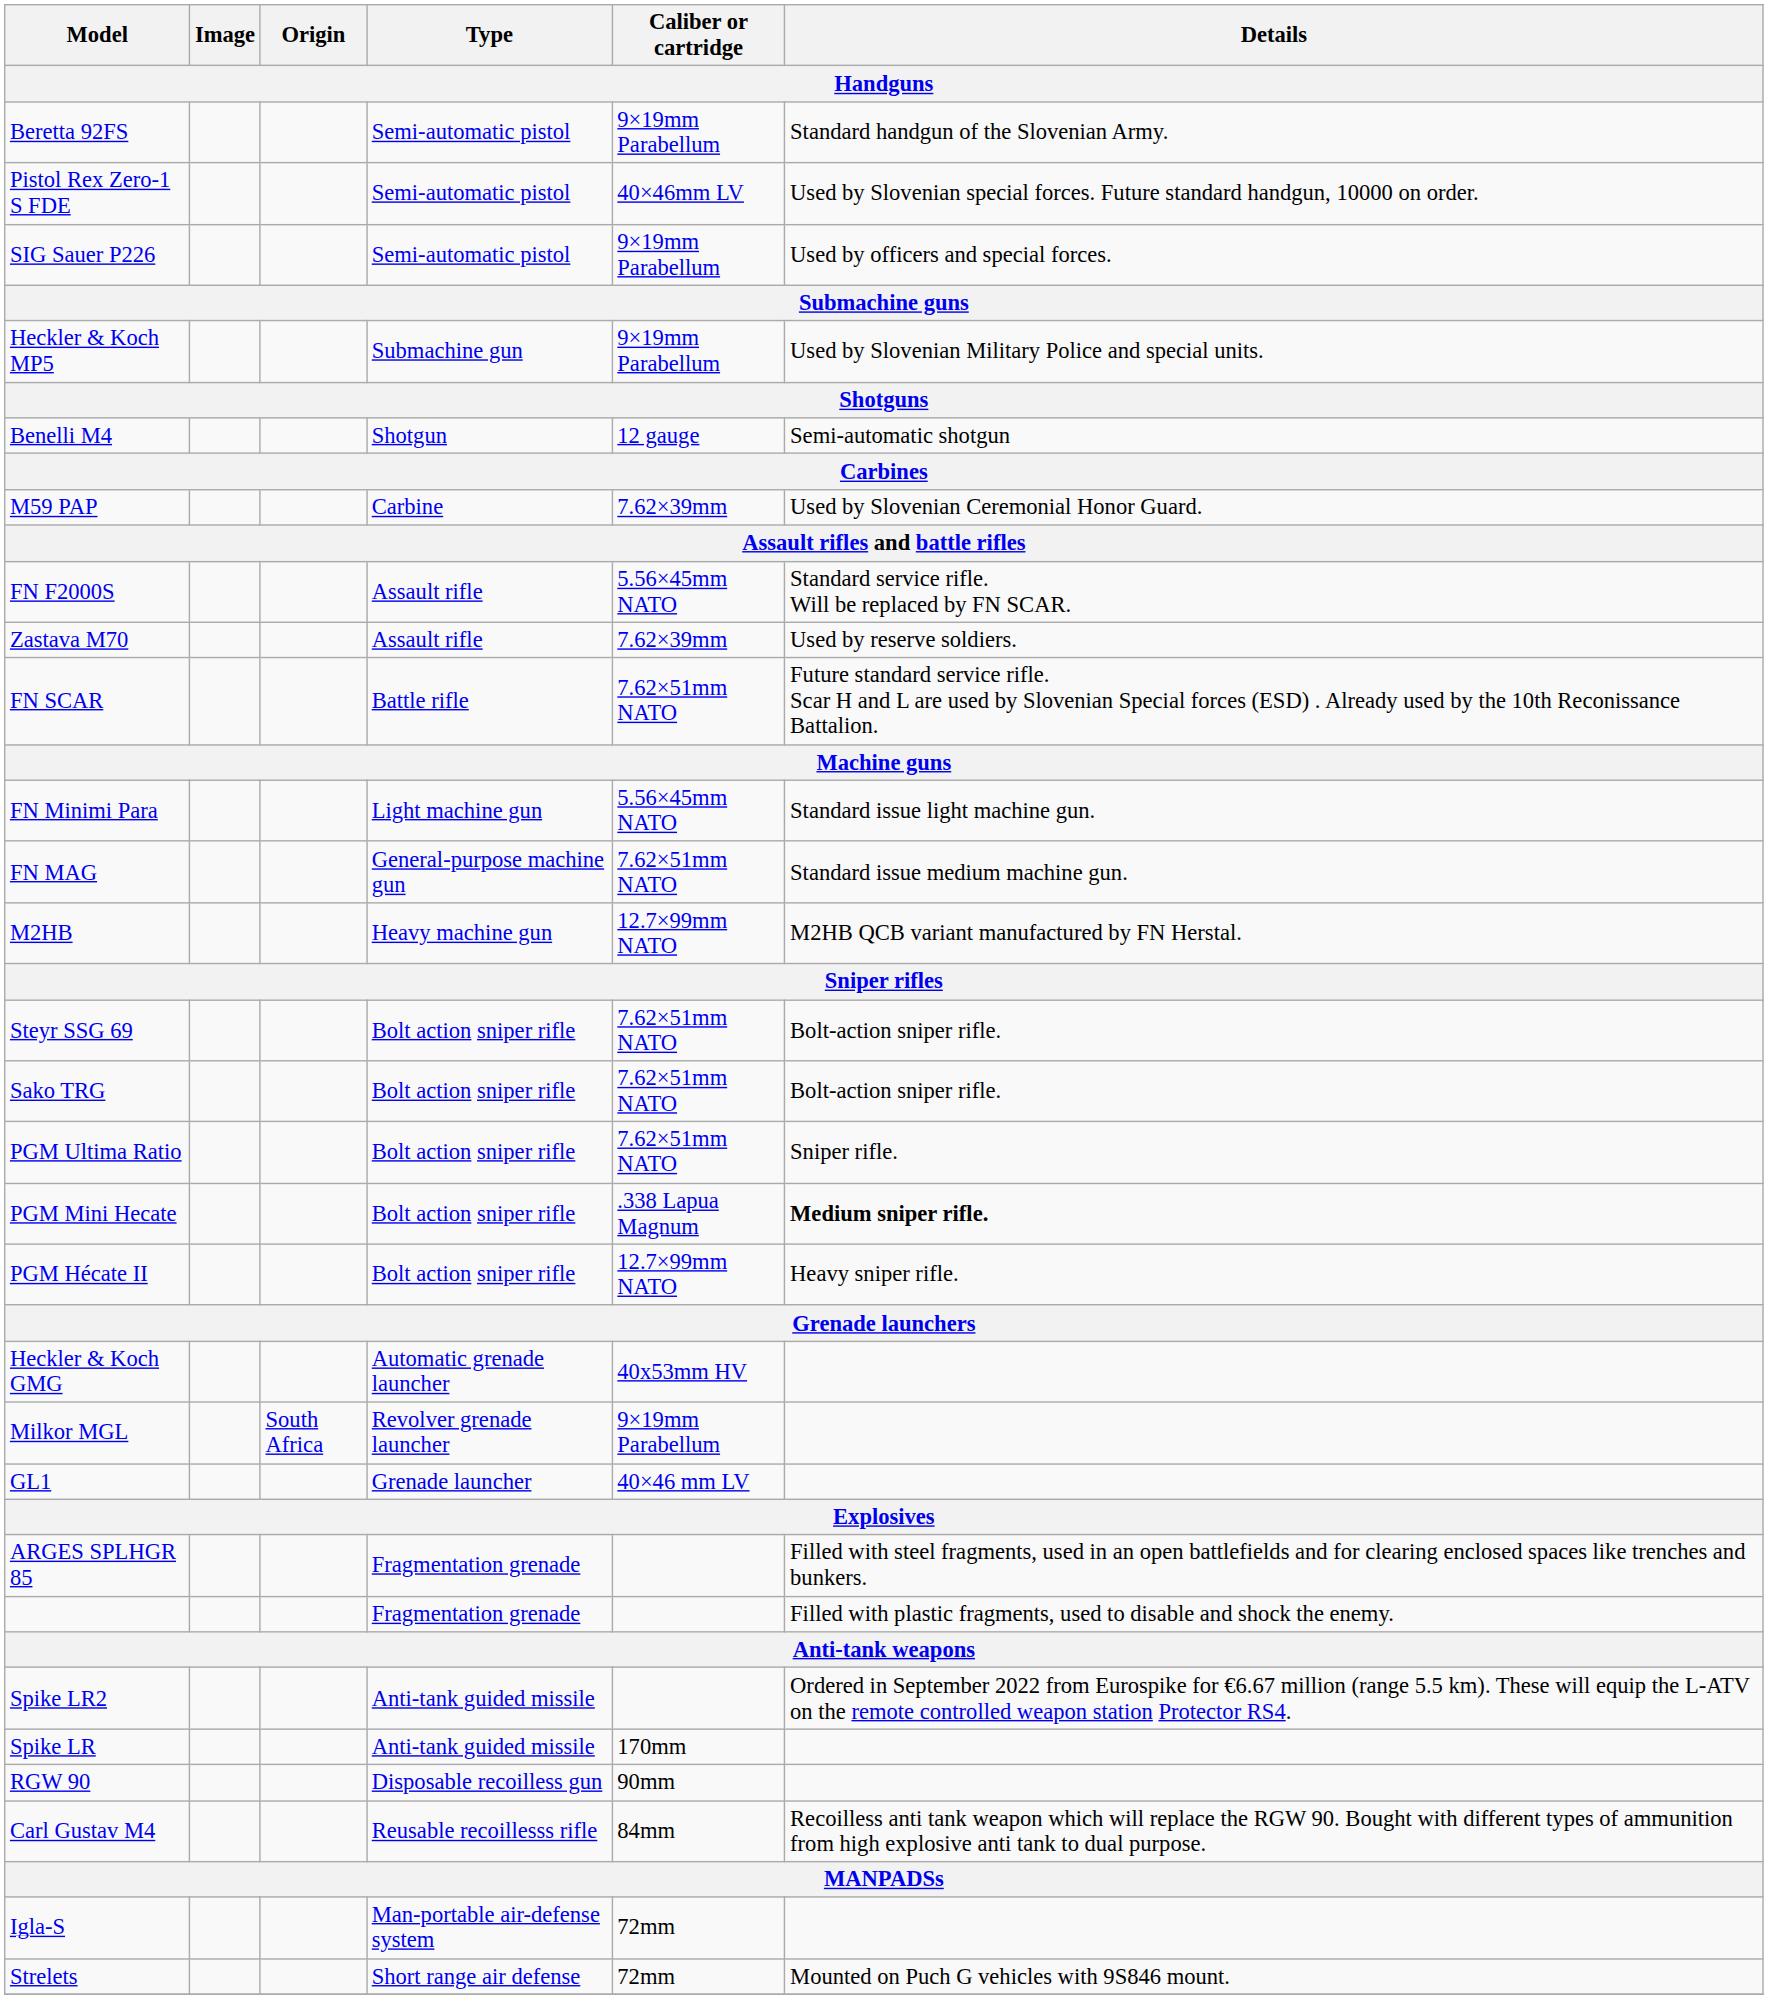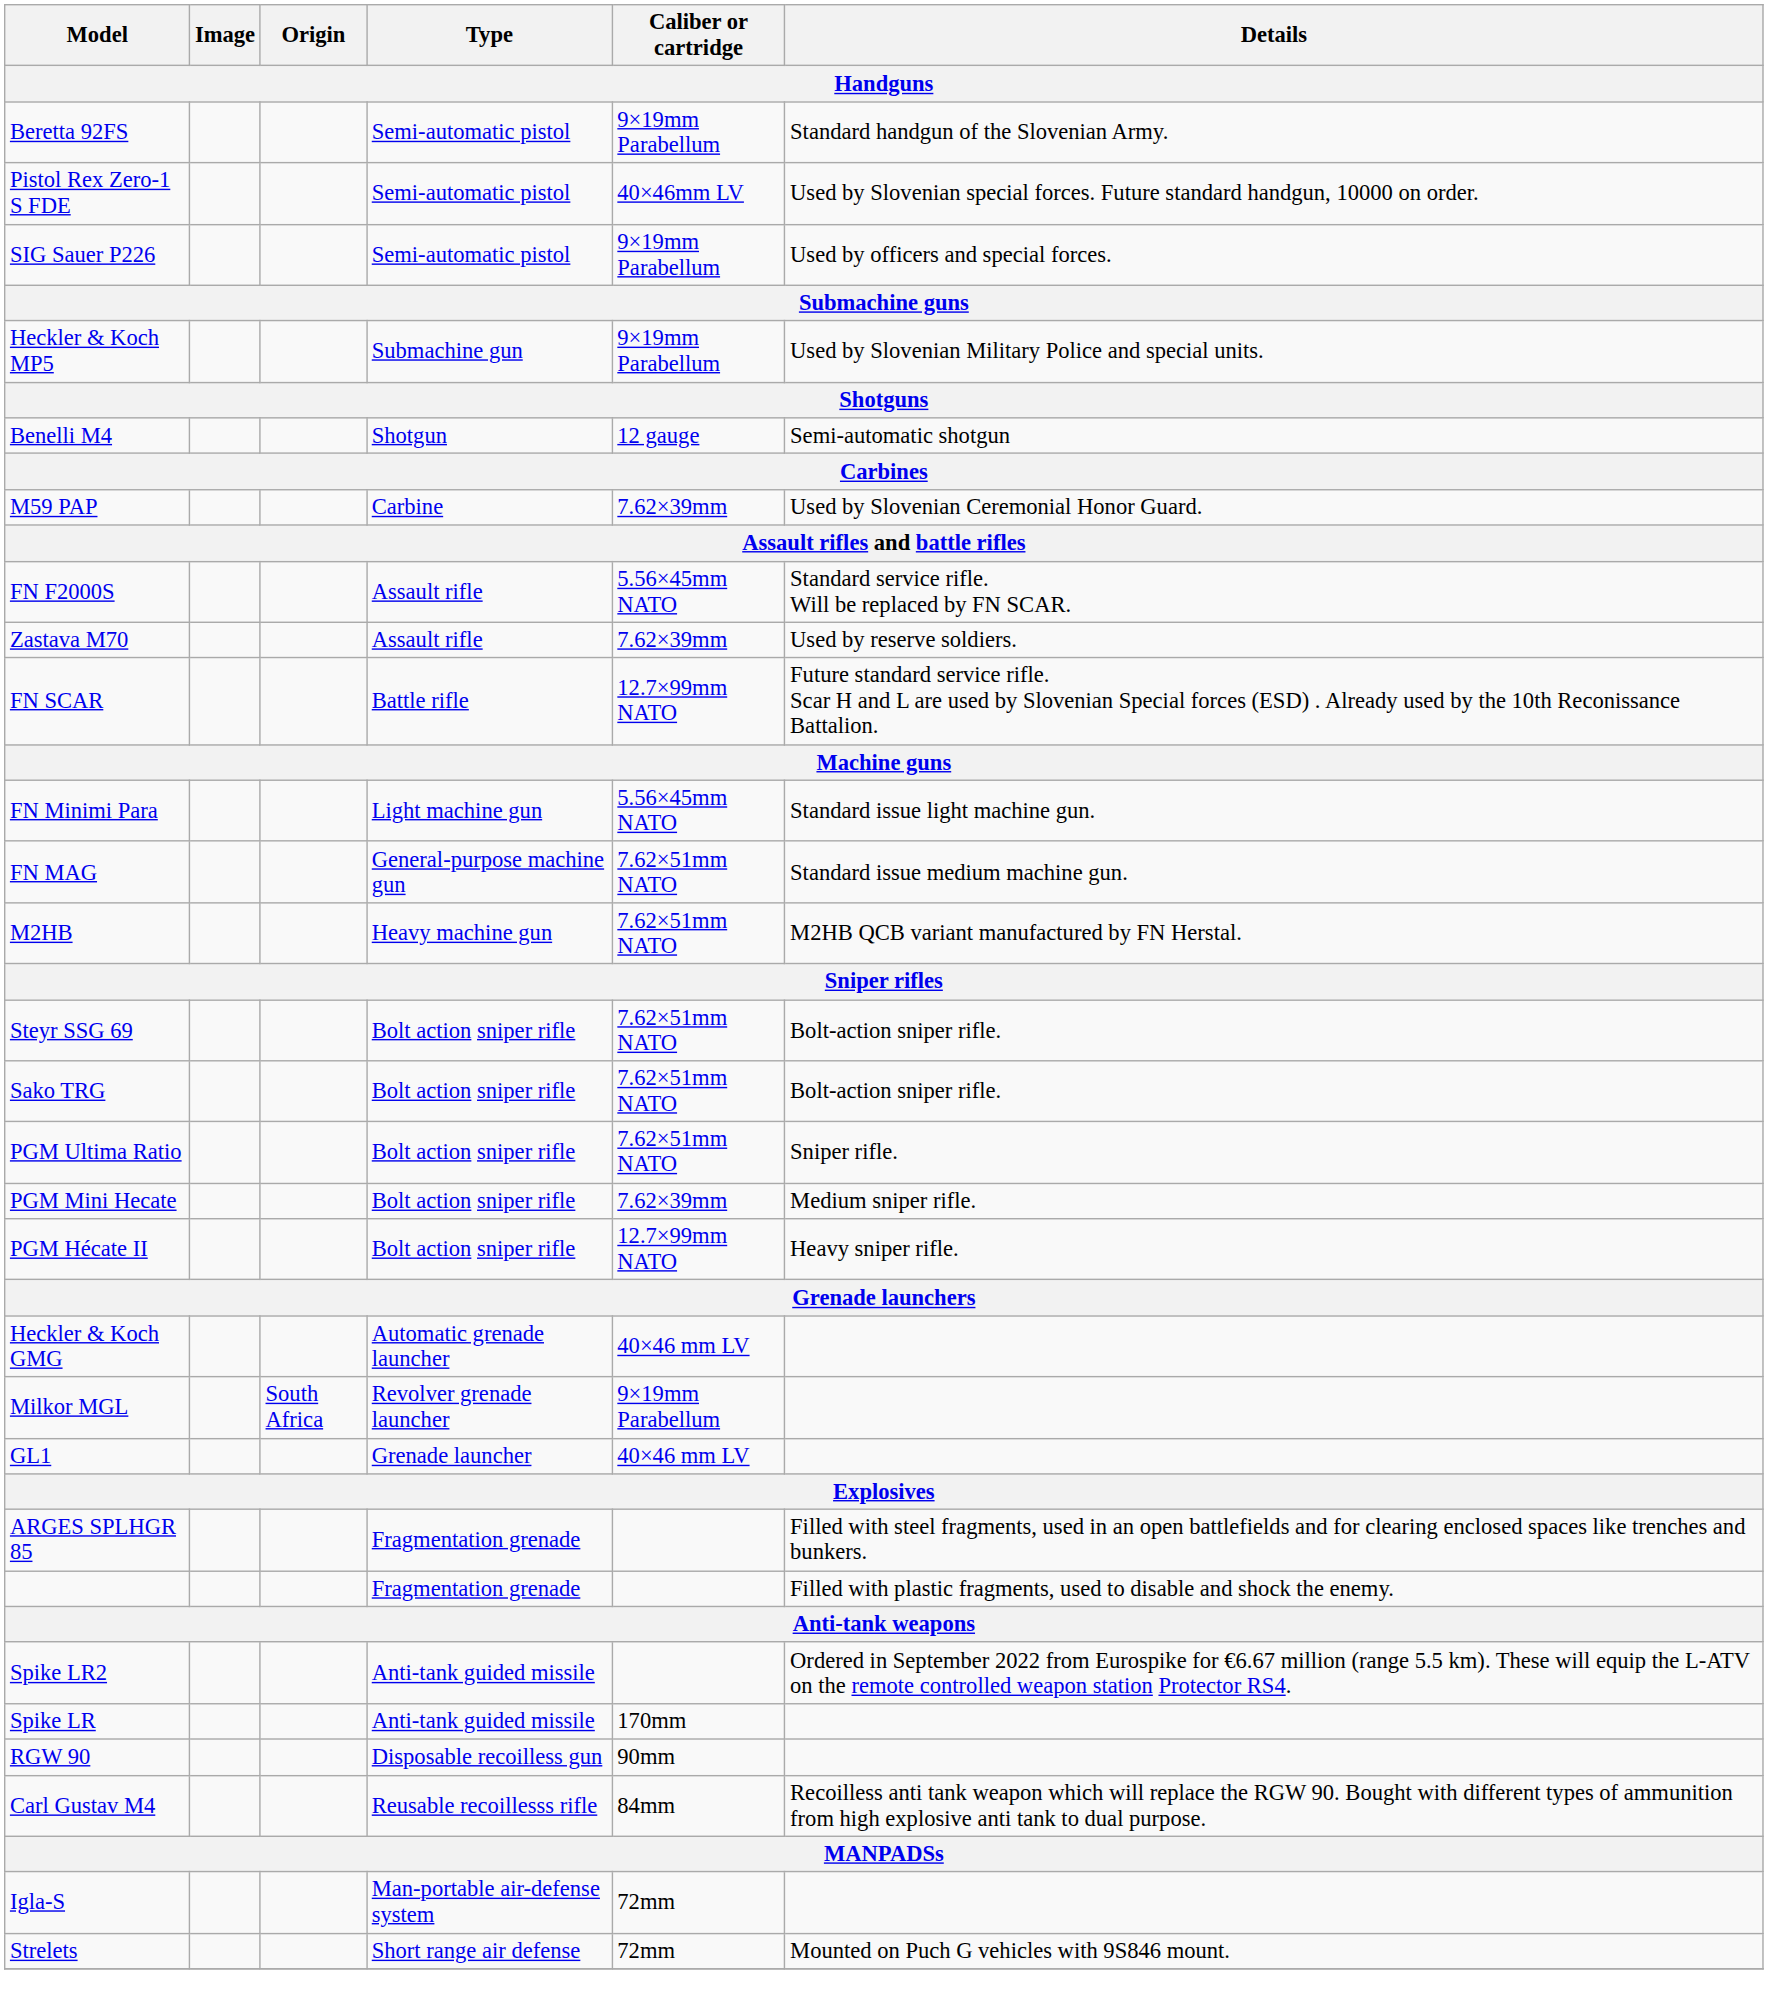 <table class="wikitable">
 <tr>
 <th>Model</th>
 <th>Image</th>
 <th>Origin</th>
 <th>Type</th>
 <th>Caliber or cartridge</th>
 <th>Details</th>
 </tr>
 <tr>
 <th colspan="6"><a href='#'>Handguns</a></th>
 </tr>
 <tr>
 <td><a href='#'>Beretta 92FS</a></td>
 <td></td>
 <td></td>
 <td><a href='#'>Semi-automatic pistol</a></td>
 <td><a href='#'>9×19mm Parabellum</a></td>
 <td>Standard handgun of the Slovenian Army.</td>
 </tr>
 <tr>
 <td><a href='#'>Pistol Rex Zero-1 S FDE</a></td>
 <td></td>
 <td></td>
 <td><a href='#'>Semi-automatic pistol</a></td>
 <td><a href='#'>40×46mm LV</a></td>
 <td>Used by Slovenian special forces. Future standard handgun, 10000 on order.</td>
 </tr>
 <tr>
 <td><a href='#'>SIG Sauer P226</a></td>
 <td></td>
 <td></td>
 <td><a href='#'>Semi-automatic pistol</a></td>
 <td><a href='#'>9×19mm Parabellum</a></td>
 <td>Used by officers and special forces.</td>
 </tr>
 <tr>
 <th colspan="6"><a href='#'>Submachine guns</a></th>
 </tr>
 <tr>
 <td><a href='#'>Heckler & Koch MP5</a></td>
 <td></td>
 <td></td>
 <td><a href='#'>Submachine gun</a></td>
 <td><a href='#'>9×19mm Parabellum</a></td>
 <td>Used by Slovenian Military Police and special units.</td>
 </tr>
 <tr>
 <th style="align: center;" colspan="6"><a href='#'>Shotguns</a></th>
 </tr>
 <tr>
 <td><a href='#'>Benelli M4</a></td>
 <td></td>
 <td></td>
 <td><a href='#'>Shotgun</a></td>
 <td><a href='#'>12 gauge</a></td>
 <td>Semi-automatic shotgun</td>
 </tr>
 <tr>
 <th colspan="6"><a href='#'>Carbines</a></th>
 </tr>
 <tr>
 <td><a href='#'>M59 PAP</a></td>
 <td></td>
 <td></td>
 <td><a href='#'>Carbine</a></td>
 <td><a href='#'>7.62×39mm</a></td>
 <td>Used by Slovenian Ceremonial Honor Guard.</td>
 </tr>
 <tr>
 <th colspan="6"><a href='#'>Assault rifles</a> and <a href='#'>battle rifles</a></th>
 </tr>
 <tr>
 <td><a href='#'>FN F2000S</a></td>
 <td></td>
 <td></td>
 <td><a href='#'>Assault rifle</a></td>
 <td><a href='#'>5.56×45mm NATO</a></td>
 <td>Standard service rifle.<br>Will be replaced by FN SCAR.</td>
 </tr>
 <tr>
 <td><a href='#'>Zastava M70</a></td>
 <td></td>
 <td></td>
 <td><a href='#'>Assault rifle</a></td>
 <td><a href='#'>7.62×39mm</a></td>
 <td>Used by reserve soldiers.</td>
 </tr>
 <tr>
 <td><a href='#'>FN SCAR</a></td>
 <td></td>
 <td></td>
 <td><a href='#'>Battle rifle</a></td>
-<td><a href='#'>7.62×51mm NATO</a></td>
+<td><a href='#'>12.7×99mm NATO</a></td>
 <td>Future standard service rifle.<br>Scar H and L are used by Slovenian Special forces (ESD) . Already used by the 10th Reconissance Battalion.</td>
 </tr>
 <tr>
 <th colspan="6"><a href='#'>Machine guns</a></th>
 </tr>
 <tr>
 <td><a href='#'>FN Minimi Para</a></td>
 <td></td>
 <td></td>
 <td><a href='#'>Light machine gun</a></td>
 <td><a href='#'>5.56×45mm NATO</a></td>
 <td>Standard issue light machine gun.</td>
 </tr>
 <tr>
 <td><a href='#'>FN MAG</a></td>
 <td></td>
 <td></td>
 <td><a href='#'>General-purpose machine gun</a></td>
 <td><a href='#'>7.62×51mm NATO</a></td>
 <td>Standard issue medium machine gun.</td>
 </tr>
 <tr>
 <td><a href='#'>M2HB</a></td>
 <td></td>
 <td></td>
 <td><a href='#'>Heavy machine gun</a></td>
-<td><a href='#'>12.7×99mm NATO</a></td>
+<td><a href='#'>7.62×51mm NATO</a></td>
 <td>M2HB QCB variant manufactured by FN Herstal.</td>
 </tr>
 <tr>
 <th colspan="6"><a href='#'>Sniper rifles</a></th>
 </tr>
 <tr>
 <td><a href='#'>Steyr SSG 69</a></td>
 <td></td>
 <td></td>
 <td><a href='#'>Bolt action</a> <a href='#'>sniper rifle</a></td>
 <td><a href='#'>7.62×51mm NATO</a></td>
 <td>Bolt-action sniper rifle.</td>
 </tr>
 <tr>
 <td><a href='#'>Sako TRG</a></td>
 <td></td>
 <td></td>
 <td><a href='#'>Bolt action</a> <a href='#'>sniper rifle</a></td>
 <td><a href='#'>7.62×51mm NATO</a></td>
 <td>Bolt-action sniper rifle.</td>
 </tr>
 <tr>
 <td><a href='#'>PGM Ultima Ratio</a></td>
 <td></td>
 <td></td>
 <td><a href='#'>Bolt action</a> <a href='#'>sniper rifle</a></td>
 <td><a href='#'>7.62×51mm NATO</a></td>
 <td>Sniper rifle.</td>
 </tr>
 <tr>
 <td><a href='#'>PGM Mini Hecate</a></td>
 <td></td>
 <td></td>
 <td><a href='#'>Bolt action</a> <a href='#'>sniper rifle</a></td>
-<td><a href='#'>.338 Lapua Magnum</a></td>
-<td><strong>Medium sniper rifle.</strong></td>
+<td><a href='#'>7.62×39mm</a></td>
+<td>Medium sniper rifle.</td>
 </tr>
 <tr>
 <td><a href='#'>PGM Hécate II</a></td>
 <td></td>
 <td></td>
 <td><a href='#'>Bolt action</a> <a href='#'>sniper rifle</a></td>
 <td><a href='#'>12.7×99mm NATO</a></td>
 <td>Heavy sniper rifle.</td>
 </tr>
 <tr>
 <th style="align: center;" colspan="6"><a href='#'>Grenade launchers</a></th>
 </tr>
 <tr>
 <td><a href='#'>Heckler & Koch GMG</a></td>
 <td></td>
 <td></td>
 <td><a href='#'>Automatic grenade launcher</a></td>
-<td><a href='#'>40x53mm HV</a></td>
+<td><a href='#'>40×46 mm LV</a></td>
 <td></td>
 </tr>
 <tr>
 <td><a href='#'>Milkor MGL</a></td>
 <td></td>
 <td> <a href='#'>South Africa</a></td>
 <td><a href='#'>Revolver grenade launcher</a></td>
 <td><a href='#'>9×19mm Parabellum</a></td>
 </tr>
 <tr>
 <td><a href='#'>GL1</a></td>
 <td></td>
 <td></td>
 <td><a href='#'>Grenade launcher</a></td>
 <td><a href='#'>40×46 mm LV</a></td>
 <td></td>
 </tr>
 <tr>
 <th style="align: center;" colspan="6"><a href='#'>Explosives</a></th>
 </tr>
 <tr>
 <td><a href='#'>ARGES SPLHGR 85</a></td>
 <td></td>
 <td></td>
 <td><a href='#'>Fragmentation grenade</a></td>
 <td></td>
 <td>Filled with steel fragments, used in an open battlefields and for clearing enclosed spaces like trenches and bunkers.</td>
 </tr>
 <tr>
 <td></td>
 <td></td>
 <td></td>
 <td><a href='#'>Fragmentation grenade</a></td>
 <td></td>
 <td>Filled with plastic fragments, used to disable and shock the enemy.</td>
 </tr>
 <tr>
 <th colspan="6"><a href='#'>Anti-tank weapons</a></th>
 </tr>
 <tr>
 <td><a href='#'>Spike LR2</a></td>
 <td></td>
 <td></td>
 <td><a href='#'>Anti-tank guided missile</a></td>
 <td></td>
 <td>Ordered in September 2022 from Eurospike for €6.67 million (range 5.5 km). These will equip the L-ATV on the <a href='#'>remote controlled weapon station</a> <a href='#'>Protector RS4</a>.</td>
 </tr>
 <tr>
 <td><a href='#'>Spike LR</a></td>
 <td></td>
 <td></td>
 <td><a href='#'>Anti-tank guided missile</a></td>
 <td>170mm</td>
 <td></td>
 </tr>
 <tr>
 <td><a href='#'>RGW 90</a></td>
 <td></td>
 <td></td>
 <td><a href='#'>Disposable recoilless gun</a></td>
 <td>90mm</td>
 <td></td>
 </tr>
 <tr>
 <td><a href='#'>Carl Gustav M4</a></td>
 <td></td>
 <td></td>
 <td><a href='#'>Reusable recoillesss rifle</a></td>
 <td>84mm</td>
 <td>Recoilless anti tank weapon which will replace the RGW 90. Bought with different types of ammunition from high explosive anti tank to dual purpose.</td>
 </tr>
 <tr>
 <th style="align: center;" colspan="6"><a href='#'>MANPADSs</a></th>
 </tr>
 <tr>
 <td><a href='#'>Igla-S</a></td>
 <td></td>
 <td></td>
 <td><a href='#'>Man-portable air-defense system</a></td>
 <td>72mm</td>
 <td></td>
 </tr>
 <tr>
 <td><a href='#'>Strelets</a></td>
 <td></td>
 <td></td>
 <td><a href='#'>Short range air defense</a></td>
 <td>72mm</td>
 <td>Mounted on Puch G vehicles with 9S846 mount.</td>
 </tr>
 <tr>
 </tr>
 </table>
